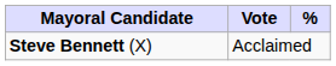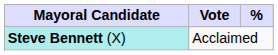 <table class="wikitable">
 <tr>
 <th style="background:#ddf; width:200px;">Mayoral Candidate</th>
 <th style="background:#ddf; width:50px;">Vote</th>
 <th style="background:#ddf; width:30px;">%</th>
 </tr>
 <tr>
-<td><strong>Steve Bennett</strong> (X)</td>
+<td style="background: paleturquoise;"><strong>Steve Bennett</strong> (X)</td>
 <td colspan="2">Acclaimed</td>
 </tr>
 </table>
